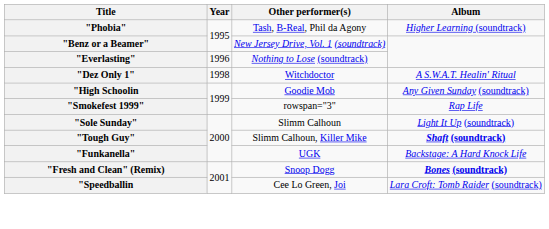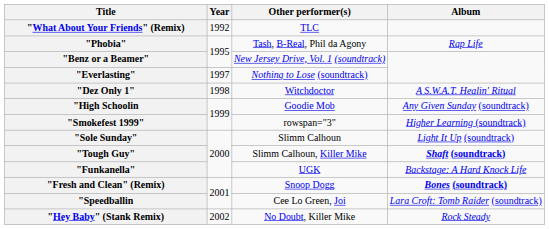 <table class="wikitable plainrowheaders" style="text-align:center;">
 <tr>
 <th scope="col" style="width:20em;">Title</th>
 <th scope="col">Year</th>
 <th scope="col">Other performer(s)</th>
 <th scope="col">Album</th>
 </tr>
 <tr>
+<th scope="row">"<a href='#'>What About Your Friends</a>" (Remix)</th>
+<td>1992</td>
+<td><a href='#'>TLC</a></td>
+<td></td>
+</tr>
+<tr>
 <th scope="row">"Phobia"</th>
 <td rowspan="2">1995</td>
 <td><a href='#'>Tash</a>, <a href='#'>B-Real</a>, Phil da Agony</td>
-<td><a href='#'><em>Higher Learning</em> (soundtrack)</a></td>
+<td><em><a href='#'>Rap Life</a></em></td>
 </tr>
 <tr>
 <th scope="row">"Benz or a Beamer"</th>
 <td><em><a href='#'>New Jersey Drive, Vol. 1</a> <a href='#'>(soundtrack)</a></em></td>
 </tr>
 <tr>
 <th scope="row">"Everlasting"</th>
-<td>1996</td>
+<td>1997</td>
 <td><a href='#'><em>Nothing to Lose</em></a> <a href='#'>(soundtrack)</a></td>
 </tr>
 <tr>
 <th scope="row">"Dez Only 1"</th>
 <td>1998</td>
 <td><a href='#'>Witchdoctor</a></td>
 <td><em><a href='#'>A S.W.A.T. Healin' Ritual</a></em></td>
 </tr>
 <tr>
 <th scope="row">"High Schoolin</th>
 <td rowspan="2">1999</td>
 <td><a href='#'>Goodie Mob</a></td>
 <td><a href='#'><em>Any Given Sunday</em></a> <a href='#'>(soundtrack)</a></td>
 </tr>
 <tr>
 <th scope="row">"Smokefest 1999"</th>
 <td>rowspan="3" </td>
-<td><em><a href='#'>Rap Life</a></em></td>
+<td><a href='#'><em>Higher Learning</em> (soundtrack)</a></td>
 </tr>
 <tr>
 <th scope="row">"Sole Sunday"</th>
 <td rowspan="3">2000</td>
 <td>Slimm Calhoun</td>
 <td><a href='#'><em>Light It Up</em></a> <a href='#'>(soundtrack)</a></td>
 </tr>
 <tr>
 <th scope="row">"Tough Guy"</th>
 <td>Slimm Calhoun, <a href='#'>Killer Mike</a></td>
 <td><strong><a href='#'><em>Shaft</em></a> <a href='#'>(soundtrack)</a></strong></td>
 </tr>
 <tr>
 <th scope="row">"Funkanella"</th>
 <td><a href='#'>UGK</a></td>
 <td><em><a href='#'>Backstage: A Hard Knock Life</a></em></td>
 </tr>
 <tr>
 <th scope="row">"Fresh and Clean" (Remix)</th>
 <td rowspan="2">2001</td>
 <td><a href='#'>Snoop Dogg</a></td>
 <td><strong><a href='#'><em>Bones</em></a> <a href='#'>(soundtrack)</a></strong></td>
 </tr>
 <tr>
 <th scope="row">"Speedballin</th>
 <td>Cee Lo Green, <a href='#'>Joi</a></td>
 <td><a href='#'><em>Lara Croft: Tomb Raider</em></a> <a href='#'>(soundtrack)</a></td>
 </tr>
+<tr>
+<th scope="row">"<a href='#'>Hey Baby</a>" (Stank Remix)</th>
+<td>2002</td>
+<td><a href='#'>No Doubt</a>, Killer Mike</td>
+<td><em><a href='#'>Rock Steady</a></em></td>
+</tr>
 </table>
